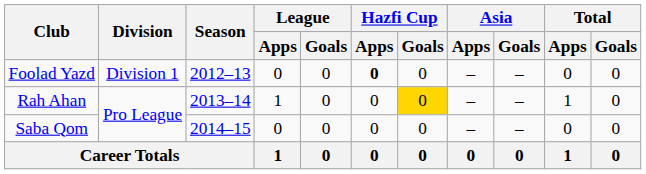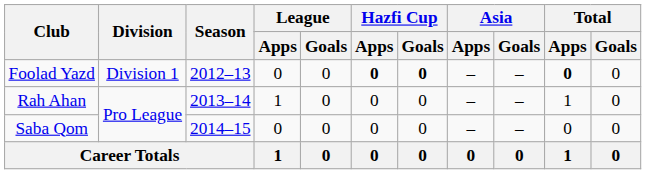 <table class="wikitable" style="text-align: center;">
 <tr>
 <th rowspan="2">Club</th>
 <th rowspan="2">Division</th>
 <th rowspan="2">Season</th>
 <th colspan="2">League</th>
 <th colspan="2"><a href='#'>Hazfi Cup</a></th>
 <th colspan="2"><a href='#'>Asia</a></th>
 <th colspan="2">Total</th>
 </tr>
 <tr>
 <th>Apps</th>
 <th>Goals</th>
 <th>Apps</th>
 <th>Goals</th>
 <th>Apps</th>
 <th>Goals</th>
 <th>Apps</th>
 <th>Goals</th>
 </tr>
 <tr>
 <td><a href='#'>Foolad Yazd</a></td>
 <td><a href='#'>Division 1</a></td>
 <td><a href='#'>2012–13</a></td>
 <td>0</td>
 <td>0</td>
 <td><strong>0</strong></td>
-<td>0</td>
+<td><strong>0</strong></td>
 <td>–</td>
 <td>–</td>
-<td>0</td>
+<td><strong>0</strong></td>
 <td>0</td>
 </tr>
 <tr>
 <td><a href='#'>Rah Ahan</a></td>
 <td rowspan="2"><a href='#'>Pro League</a></td>
 <td><a href='#'>2013–14</a></td>
 <td>1</td>
 <td>0</td>
 <td>0</td>
-<td style="background: gold;">0</td>
+<td>0</td>
 <td>–</td>
 <td>–</td>
 <td>1</td>
 <td>0</td>
 </tr>
 <tr>
 <td><a href='#'>Saba Qom</a></td>
 <td><a href='#'>2014–15</a></td>
 <td>0</td>
 <td>0</td>
 <td>0</td>
 <td>0</td>
 <td>–</td>
 <td>–</td>
 <td>0</td>
 <td>0</td>
 </tr>
 <tr>
 <th colspan=3>Career Totals</th>
 <th>1</th>
 <th>0</th>
 <th>0</th>
 <th>0</th>
 <th>0</th>
 <th>0</th>
 <th>1</th>
 <th>0</th>
 </tr>
 </table>
